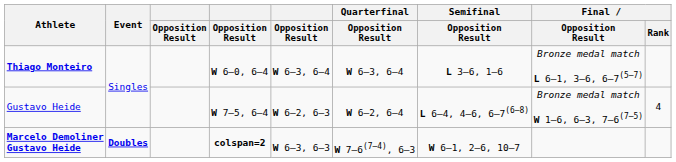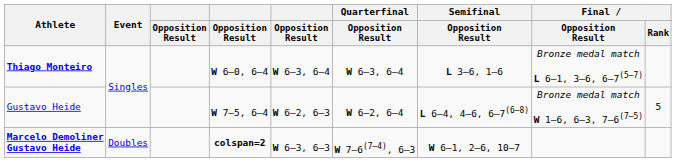 <table class=wikitable style=font-size:90%;text-align:center>
 <tr>
 <th rowspan=2>Athlete</th>
 <th rowspan=2>Event</th>
 <th></th>
 <th></th>
 <th></th>
 <th>Quarterfinal</th>
 <th>Semifinal</th>
 <th colspan=2>Final / </th>
 </tr>
 <tr style=font-size:95%>
 <th>Opposition<br>Result</th>
 <th>Opposition<br>Result</th>
 <th>Opposition<br>Result</th>
 <th>Opposition<br>Result</th>
 <th>Opposition<br>Result</th>
 <th>Opposition<br>Result</th>
 <th>Rank</th>
 </tr>
 <tr>
 <td align=left><strong><a href='#'>Thiago Monteiro</a></strong></td>
 <td align=left rowspan=2><a href='#'>Singles</a></td>
 <td></td>
 <td><br><strong>W</strong> 6–0, 6–4</td>
 <td><br><strong>W</strong> 6–3, 6–4</td>
 <td><br><strong>W</strong> 6–3, 6–4</td>
 <td><br><strong>L</strong> 3–6, 1–6</td>
 <td><em>Bronze medal match</em><br><br><strong>L</strong> 6–1, 3–6, 6–7<sup>(5–7)</sup></td>
 <td></td>
 </tr>
 <tr>
 <td align=left><a href='#'>Gustavo Heide</a></td>
 <td></td>
 <td><br><strong>W</strong> 7–5, 6–4</td>
 <td><br><strong>W</strong> 6–2, 6–3</td>
 <td><br><strong>W</strong> 6–2, 6–4</td>
 <td><br><strong>L</strong> 6–4, 4–6, 6–7<sup>(6–8)</sup></td>
 <td><em>Bronze medal match</em><br><br><strong>W</strong> 1–6, 6–3, 7–6<sup>(7–5)</sup></td>
-<td>4</td>
+<td>5</td>
 </tr>
 <tr>
 <td align=left><strong><a href='#'>Marcelo Demoliner</a><br><a href='#'>Gustavo Heide</a></strong></td>
-<td align=left><strong><a href='#'>Doubles</a></strong></td>
+<td align=left><a href='#'>Doubles</a></td>
 <td></td>
 <td><strong>colspan=2 </strong></td>
 <td><br><strong>W</strong> 6–3, 6–3</td>
 <td><br><strong>W</strong> 7–6<sup>(7–4)</sup>, 6–3</td>
 <td><br><strong>W</strong> 6–1, 2–6, 10–7</td>
 <td></td>
 </tr>
 </table>
